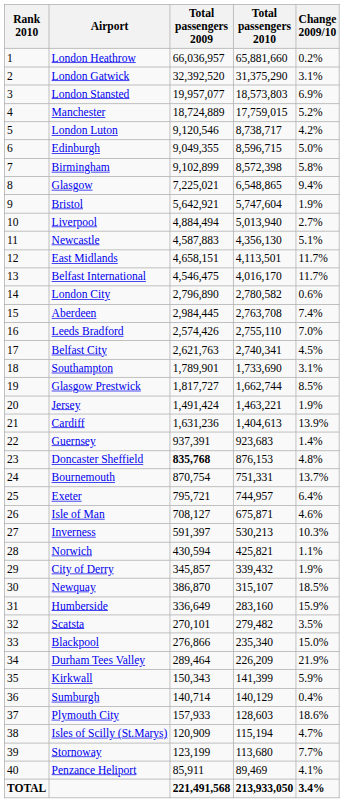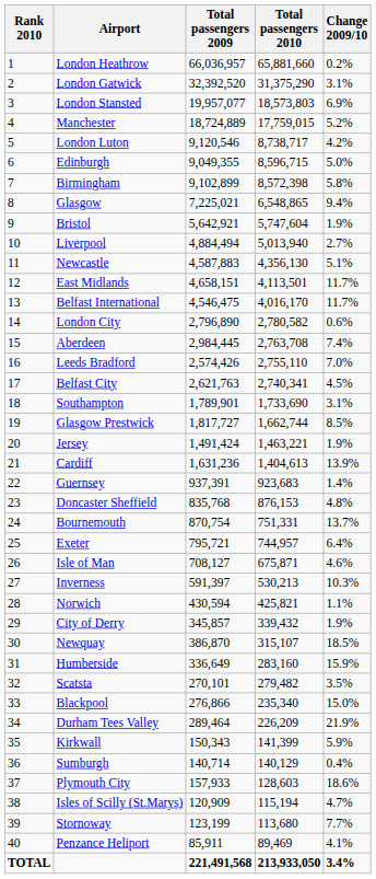 <table class="wikitable sortable">
 <tr>
 <th>Rank<br>2010</th>
 <th>Airport</th>
 <th>Total<br>passengers<br>2009</th>
 <th>Total<br>passengers<br>2010</th>
 <th>Change<br>2009/10</th>
 </tr>
 <tr>
 <td>1</td>
 <td><a href='#'>London Heathrow</a></td>
 <td>66,036,957</td>
 <td>65,881,660</td>
 <td>0.2%</td>
 </tr>
 <tr>
 <td>2</td>
 <td><a href='#'>London Gatwick</a></td>
 <td>32,392,520</td>
 <td>31,375,290</td>
 <td>3.1%</td>
 </tr>
 <tr>
 <td>3</td>
 <td><a href='#'>London Stansted</a></td>
 <td>19,957,077</td>
 <td>18,573,803</td>
 <td>6.9%</td>
 </tr>
 <tr>
 <td>4</td>
 <td><a href='#'>Manchester</a></td>
 <td>18,724,889</td>
 <td>17,759,015</td>
 <td>5.2%</td>
 </tr>
 <tr>
 <td>5</td>
 <td><a href='#'>London Luton</a></td>
 <td>9,120,546</td>
 <td>8,738,717</td>
 <td>4.2%</td>
 </tr>
 <tr>
 <td>6</td>
 <td><a href='#'>Edinburgh</a></td>
 <td>9,049,355</td>
 <td>8,596,715</td>
 <td>5.0%</td>
 </tr>
 <tr>
 <td>7</td>
 <td><a href='#'>Birmingham</a></td>
 <td>9,102,899</td>
 <td>8,572,398</td>
 <td>5.8%</td>
 </tr>
 <tr>
 <td>8</td>
 <td><a href='#'>Glasgow</a></td>
 <td>7,225,021</td>
 <td>6,548,865</td>
 <td>9.4%</td>
 </tr>
 <tr>
 <td>9</td>
 <td><a href='#'>Bristol</a></td>
 <td>5,642,921</td>
 <td>5,747,604</td>
 <td>1.9%</td>
 </tr>
 <tr>
 <td>10</td>
 <td><a href='#'>Liverpool</a></td>
 <td>4,884,494</td>
 <td>5,013,940</td>
 <td>2.7%</td>
 </tr>
 <tr>
 <td>11</td>
 <td><a href='#'>Newcastle</a></td>
 <td>4,587,883</td>
 <td>4,356,130</td>
 <td>5.1%</td>
 </tr>
 <tr>
 <td>12</td>
 <td><a href='#'>East Midlands</a></td>
 <td>4,658,151</td>
 <td>4,113,501</td>
 <td>11.7%</td>
 </tr>
 <tr>
 <td>13</td>
 <td><a href='#'>Belfast International</a></td>
 <td>4,546,475</td>
 <td>4,016,170</td>
 <td>11.7%</td>
 </tr>
 <tr>
 <td>14</td>
 <td><a href='#'>London City</a></td>
 <td>2,796,890</td>
 <td>2,780,582</td>
 <td>0.6%</td>
 </tr>
 <tr>
 <td>15</td>
 <td><a href='#'>Aberdeen</a></td>
 <td>2,984,445</td>
 <td>2,763,708</td>
 <td>7.4%</td>
 </tr>
 <tr>
 <td>16</td>
 <td><a href='#'>Leeds Bradford</a></td>
 <td>2,574,426</td>
 <td>2,755,110</td>
 <td>7.0%</td>
 </tr>
 <tr>
 <td>17</td>
 <td><a href='#'>Belfast City</a></td>
 <td>2,621,763</td>
 <td>2,740,341</td>
 <td>4.5%</td>
 </tr>
 <tr>
 <td>18</td>
 <td><a href='#'>Southampton</a></td>
 <td>1,789,901</td>
 <td>1,733,690</td>
 <td>3.1%</td>
 </tr>
 <tr>
 <td>19</td>
 <td><a href='#'>Glasgow Prestwick</a></td>
 <td>1,817,727</td>
 <td>1,662,744</td>
 <td>8.5%</td>
 </tr>
 <tr>
 <td>20</td>
 <td><a href='#'>Jersey</a></td>
 <td>1,491,424</td>
 <td>1,463,221</td>
 <td>1.9%</td>
 </tr>
 <tr>
 <td>21</td>
 <td><a href='#'>Cardiff</a></td>
 <td>1,631,236</td>
 <td>1,404,613</td>
 <td>13.9%</td>
 </tr>
 <tr>
 <td>22</td>
 <td><a href='#'>Guernsey</a></td>
 <td>937,391</td>
 <td>923,683</td>
 <td>1.4%</td>
 </tr>
 <tr>
 <td>23</td>
 <td><a href='#'>Doncaster Sheffield</a></td>
-<td><strong>835,768</strong></td>
+<td>835,768</td>
 <td>876,153</td>
 <td>4.8%</td>
 </tr>
 <tr>
 <td>24</td>
 <td><a href='#'>Bournemouth</a></td>
 <td>870,754</td>
 <td>751,331</td>
 <td>13.7%</td>
 </tr>
 <tr>
 <td>25</td>
 <td><a href='#'>Exeter</a></td>
 <td>795,721</td>
 <td>744,957</td>
 <td>6.4%</td>
 </tr>
 <tr>
 <td>26</td>
 <td><a href='#'>Isle of Man</a></td>
 <td>708,127</td>
 <td>675,871</td>
 <td>4.6%</td>
 </tr>
 <tr>
 <td>27</td>
 <td><a href='#'>Inverness</a></td>
 <td>591,397</td>
 <td>530,213</td>
 <td>10.3%</td>
 </tr>
 <tr>
 <td>28</td>
 <td><a href='#'>Norwich</a></td>
 <td>430,594</td>
 <td>425,821</td>
 <td>1.1%</td>
 </tr>
 <tr>
 <td>29</td>
 <td><a href='#'>City of Derry</a></td>
 <td>345,857</td>
 <td>339,432</td>
 <td>1.9%</td>
 </tr>
 <tr>
 <td>30</td>
 <td><a href='#'>Newquay</a></td>
 <td>386,870</td>
 <td>315,107</td>
 <td>18.5%</td>
 </tr>
 <tr>
 <td>31</td>
 <td><a href='#'>Humberside</a></td>
 <td>336,649</td>
 <td>283,160</td>
 <td>15.9%</td>
 </tr>
 <tr>
 <td>32</td>
 <td><a href='#'>Scatsta</a></td>
 <td>270,101</td>
 <td>279,482</td>
 <td>3.5%</td>
 </tr>
 <tr>
 <td>33</td>
 <td><a href='#'>Blackpool</a></td>
 <td>276,866</td>
 <td>235,340</td>
 <td>15.0%</td>
 </tr>
 <tr>
 <td>34</td>
 <td><a href='#'>Durham Tees Valley</a></td>
 <td>289,464</td>
 <td>226,209</td>
 <td>21.9%</td>
 </tr>
 <tr>
 <td>35</td>
 <td><a href='#'>Kirkwall</a></td>
 <td>150,343</td>
 <td>141,399</td>
 <td>5.9%</td>
 </tr>
 <tr>
 <td>36</td>
 <td><a href='#'>Sumburgh</a></td>
 <td>140,714</td>
 <td>140,129</td>
 <td>0.4%</td>
 </tr>
 <tr>
 <td>37</td>
 <td><a href='#'>Plymouth City</a></td>
 <td>157,933</td>
 <td>128,603</td>
 <td>18.6%</td>
 </tr>
 <tr>
 <td>38</td>
 <td><a href='#'>Isles of Scilly (St.Marys)</a></td>
 <td>120,909</td>
 <td>115,194</td>
 <td>4.7%</td>
 </tr>
 <tr>
 <td>39</td>
 <td><a href='#'>Stornoway</a></td>
 <td>123,199</td>
 <td>113,680</td>
 <td>7.7%</td>
 </tr>
 <tr>
 <td>40</td>
 <td><a href='#'>Penzance Heliport</a></td>
 <td>85,911</td>
 <td>89,469</td>
 <td>4.1%</td>
 </tr>
 <tr class="sortbottom">
 <td><strong>TOTAL</strong></td>
 <td></td>
 <td><strong>221,491,568</strong></td>
 <td><strong>213,933,050</strong></td>
 <td><strong>3.4%</strong></td>
 </tr>
 </table>
